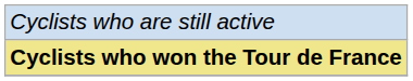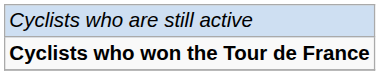 <table class="wikitable">
 <tr>
 <td style= "background:#CEDFF2;"><em>Cyclists who are still active</em></td>
 </tr>
 <tr>
-<td style="background: khaki;"><strong>Cyclists who won the Tour de France</strong></td>
+<td><strong>Cyclists who won the Tour de France</strong></td>
 </tr>
 <tr>
 </tr>
 </table>
